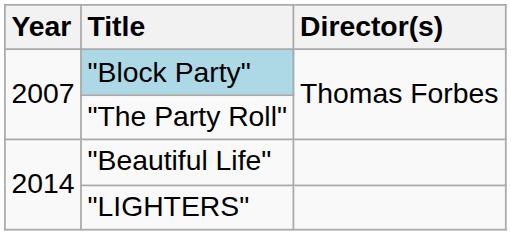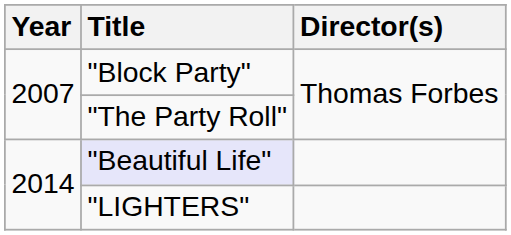 <table class="wikitable plainrowheaders">
 <tr>
 <th style="text-align:left;">Year</th>
 <th style="text-align:left;">Title</th>
 <th style="text-align:left;">Director(s)</th>
 </tr>
 <tr>
 <td rowspan="2">2007</td>
-<td style="background: lightblue;">"Block Party"</td>
+<td>"Block Party"</td>
 <td rowspan="2">Thomas Forbes</td>
 </tr>
 <tr>
 <td>"The Party Roll"<br></td>
 </tr>
 <tr>
 <td rowspan="2">2014</td>
-<td>"Beautiful Life"<br></td>
+<td style="background: lavender;">"Beautiful Life"<br></td>
 <td></td>
 </tr>
 <tr>
 <td>"LIGHTERS"<br></td>
 <td></td>
 </tr>
 </table>
